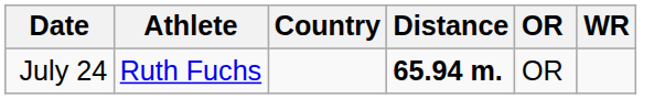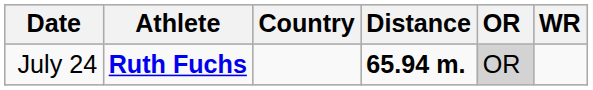 <table class="wikitable style="text-align:center">
 <tr>
 <th>Date</th>
 <th>Athlete</th>
 <th>Country</th>
 <th>Distance</th>
 <th>OR </th>
 <th>WR</th>
 </tr>
 <tr>
 <td> July 24</td>
-<td><a href='#'>Ruth Fuchs</a></td>
+<td><strong><a href='#'>Ruth Fuchs</a></strong></td>
 <td></td>
 <td><strong>65.94 m.</strong></td>
-<td>OR</td>
+<td style="background: lightgrey;">OR</td>
 </tr>
 </table>
